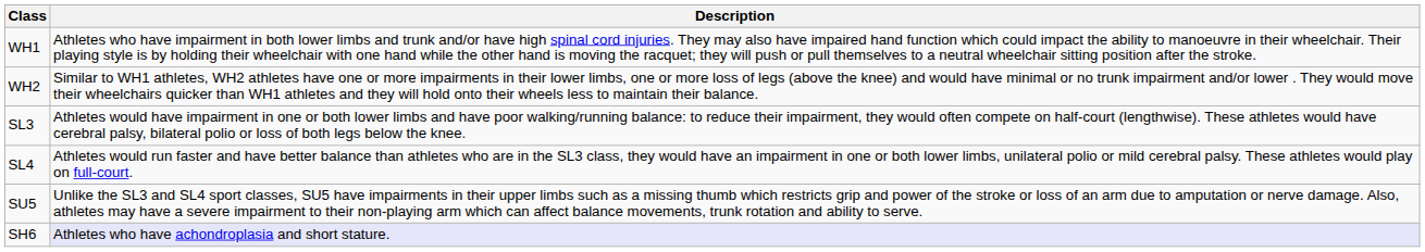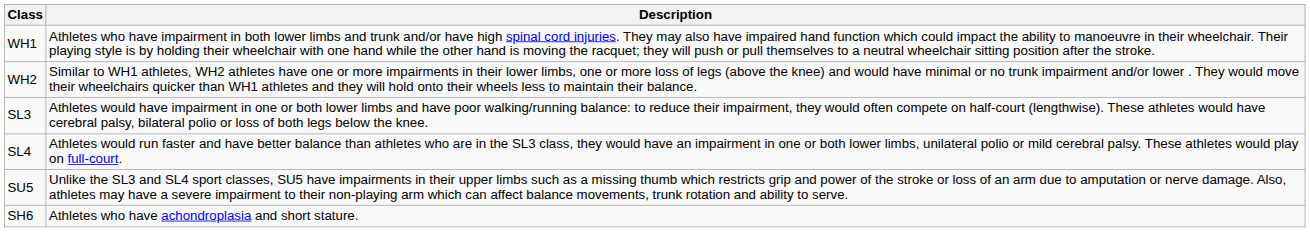 <table class="wikitable">
 <tr>
 <th>Class</th>
 <th>Description</th>
 </tr>
 <tr>
 <td>WH1</td>
 <td>Athletes who have impairment in both lower limbs and trunk and/or have high <a href='#'>spinal cord injuries</a>. They may also have impaired hand function which could impact the ability to manoeuvre in their wheelchair. Their playing style is by holding their wheelchair with one hand while the other hand is moving the racquet; they will push or pull themselves to a neutral wheelchair sitting position after the stroke.</td>
 </tr>
 <tr>
 <td>WH2</td>
 <td>Similar to WH1 athletes, WH2 athletes have one or more impairments in their lower limbs, one or more loss of legs (above the knee) and would have minimal or no trunk impairment and/or lower . They would move their wheelchairs quicker than WH1 athletes and they will hold onto their wheels less to maintain their balance.</td>
 </tr>
 <tr>
 <td>SL3</td>
 <td>Athletes would have impairment in one or both lower limbs and have poor walking/running balance: to reduce their impairment, they would often compete on half-court (lengthwise). These athletes would have cerebral palsy, bilateral polio or loss of both legs below the knee.</td>
 </tr>
 <tr>
 <td>SL4</td>
 <td>Athletes would run faster and have better balance than athletes who are in the SL3 class, they would have an impairment in one or both lower limbs, unilateral polio or mild cerebral palsy. These athletes would play on <a href='#'>full-court</a>.</td>
 </tr>
 <tr>
 <td>SU5</td>
 <td>Unlike the SL3 and SL4 sport classes, SU5 have impairments in their upper limbs such as a missing thumb which restricts grip and power of the stroke or loss of an arm due to amputation or nerve damage. Also, athletes may have a severe impairment to their non-playing arm which can affect balance movements, trunk rotation and ability to serve.</td>
 </tr>
 <tr>
 <td>SH6</td>
-<td style="background: lavender;">Athletes who have <a href='#'>achondroplasia</a> and short stature.</td>
+<td>Athletes who have <a href='#'>achondroplasia</a> and short stature.</td>
 </tr>
 </table>
